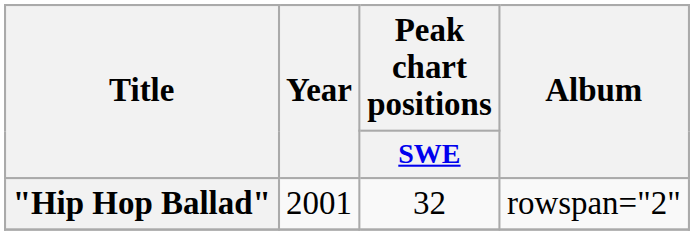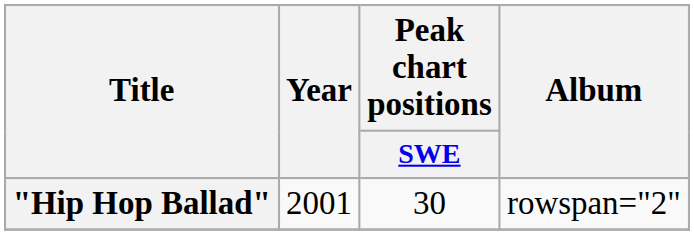 <table class="wikitable plainrowheaders" style="text-align:center;">
 <tr>
 <th scope="col" rowspan="2">Title</th>
 <th scope="col" rowspan="2">Year</th>
 <th scope="col" colspan="1">Peak chart positions</th>
 <th scope="col" rowspan="2">Album</th>
 </tr>
 <tr>
 <th scope="col" style="width:3em;font-size:85%;"><a href='#'>SWE</a></th>
 </tr>
 <tr>
 <th scope="row">"Hip Hop Ballad"</th>
 <td>2001</td>
-<td>32</td>
+<td>30</td>
 <td>rowspan="2" </td>
 </tr>
 <tr>
 </tr>
 </table>
